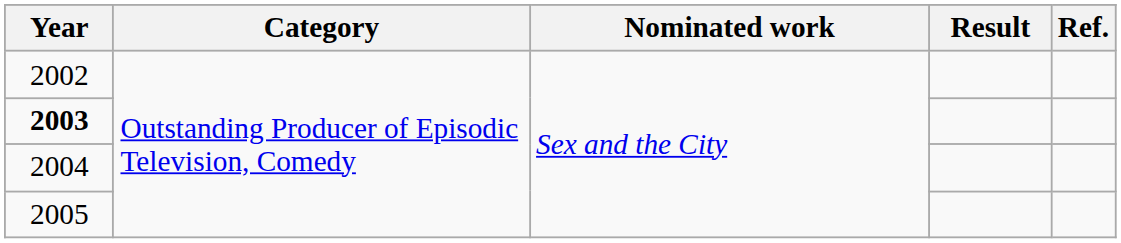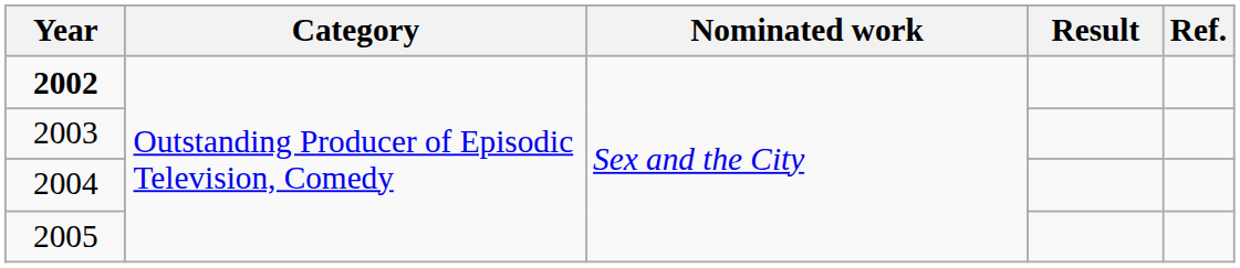 <table class=wikitable>
 <tr>
 <th scope="col" style="width:5em;">Year</th>
 <th scope="col" style="width:26em;">Category</th>
 <th scope="col" style="width:25em;">Nominated work</th>
 <th scope="col" style="width:5em;">Result</th>
 <th>Ref.</th>
 </tr>
 <tr>
-<td style="text-align:center;">2002</td>
+<td style="text-align:center;"><strong>2002</strong></td>
 <td rowspan="4"><a href='#'>Outstanding Producer of Episodic Television, Comedy</a></td>
 <td rowspan="4"><em><a href='#'>Sex and the City</a></em></td>
 <td></td>
 <td></td>
 </tr>
 <tr>
-<td style="text-align:center;"><strong>2003</strong></td>
+<td style="text-align:center;">2003</td>
 <td></td>
 <td></td>
 </tr>
 <tr>
 <td style="text-align:center;">2004</td>
 <td></td>
 <td></td>
 </tr>
 <tr>
 <td style="text-align:center;">2005</td>
 <td></td>
 <td></td>
 </tr>
 </table>
